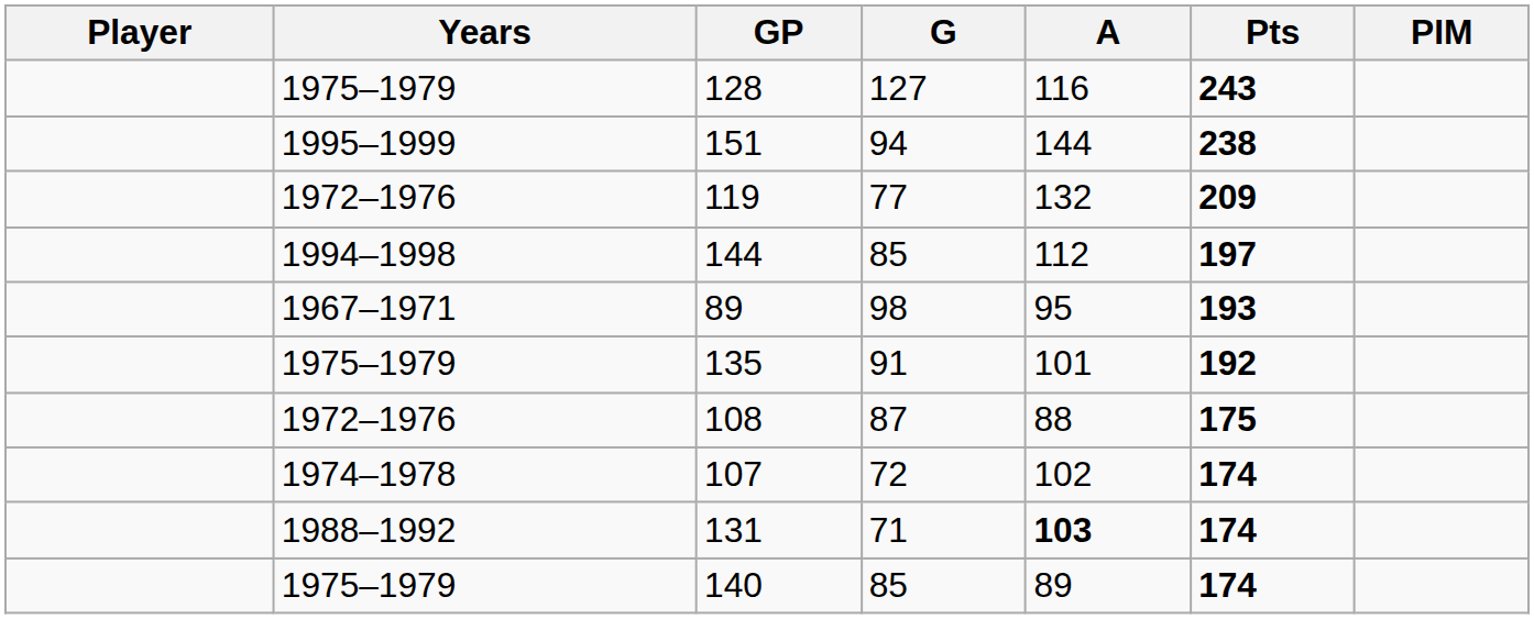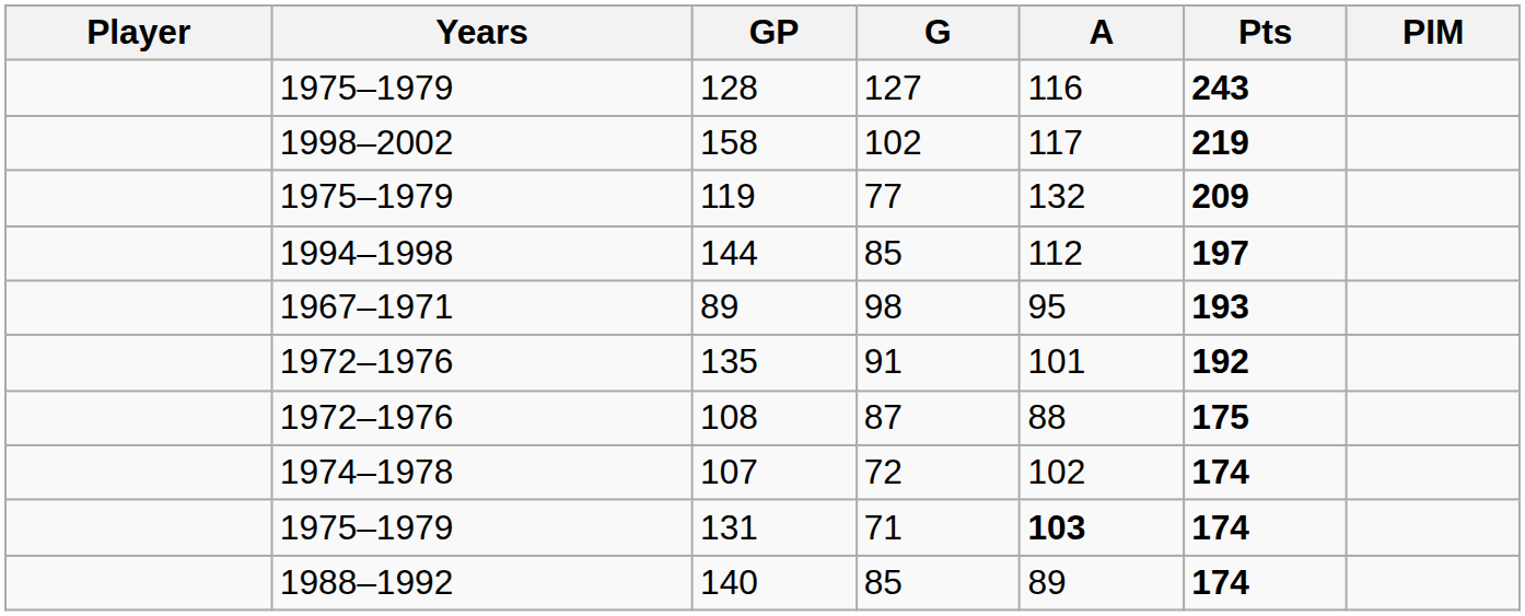 <table class="wikitable sortable" width ="700" cellpadding="1" border="1" cellspacing="0">
 <tr>
 <th>Player</th>
 <th>Years</th>
 <th>GP</th>
 <th>G</th>
 <th>A</th>
 <th>Pts</th>
 <th>PIM</th>
 </tr>
 <tr>
 <td></td>
 <td>1975–1979</td>
 <td>128</td>
 <td>127</td>
 <td>116</td>
 <td><strong>243</strong></td>
 <td></td>
 </tr>
 <tr>
 <td></td>
-<td>1995–1999</td>
-<td>151</td>
-<td>94</td>
-<td>144</td>
-<td><strong>238</strong></td>
+<td>1998–2002</td>
+<td>158</td>
+<td>102</td>
+<td>117</td>
+<td><strong>219</strong></td>
 <td></td>
 </tr>
 <tr>
 <td></td>
-<td>1972–1976</td>
+<td>1975–1979</td>
 <td>119</td>
 <td>77</td>
 <td>132</td>
 <td><strong>209</strong></td>
 <td></td>
 </tr>
 <tr>
 <td></td>
 <td>1994–1998</td>
 <td>144</td>
 <td>85</td>
 <td>112</td>
 <td><strong>197</strong></td>
 <td></td>
 </tr>
 <tr>
 <td></td>
 <td>1967–1971</td>
 <td>89</td>
 <td>98</td>
 <td>95</td>
 <td><strong>193</strong></td>
 <td></td>
 </tr>
 <tr>
 <td></td>
-<td>1975–1979</td>
+<td>1972–1976</td>
 <td>135</td>
 <td>91</td>
 <td>101</td>
 <td><strong>192</strong></td>
 <td></td>
 </tr>
 <tr>
 <td></td>
 <td>1972–1976</td>
 <td>108</td>
 <td>87</td>
 <td>88</td>
 <td><strong>175</strong></td>
 <td></td>
 </tr>
 <tr>
 <td></td>
 <td>1974–1978</td>
 <td>107</td>
 <td>72</td>
 <td>102</td>
 <td><strong>174</strong></td>
 <td></td>
 </tr>
 <tr>
 <td></td>
-<td>1988–1992</td>
+<td>1975–1979</td>
 <td>131</td>
 <td>71</td>
 <td><strong>103</strong></td>
 <td><strong>174</strong></td>
 <td></td>
 </tr>
 <tr>
 <td></td>
-<td>1975–1979</td>
+<td>1988–1992</td>
 <td>140</td>
 <td>85</td>
 <td>89</td>
 <td><strong>174</strong></td>
 <td></td>
 </tr>
 </table>
